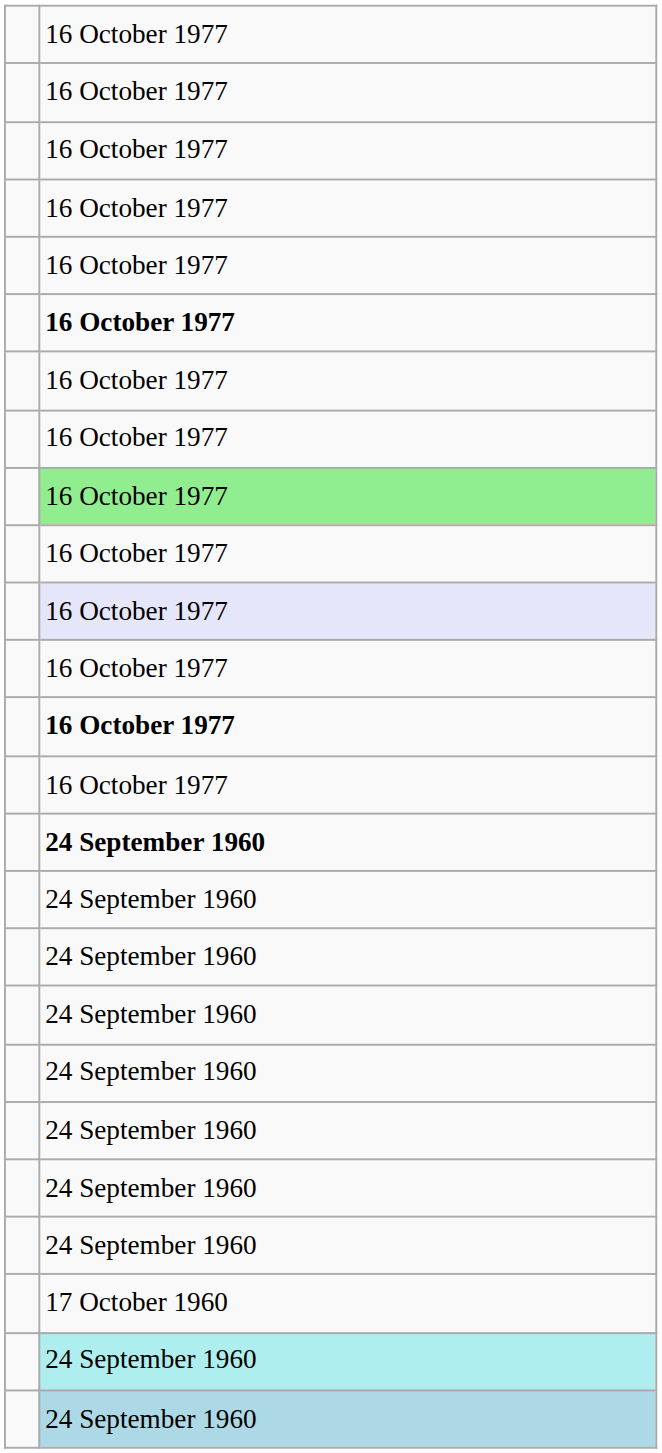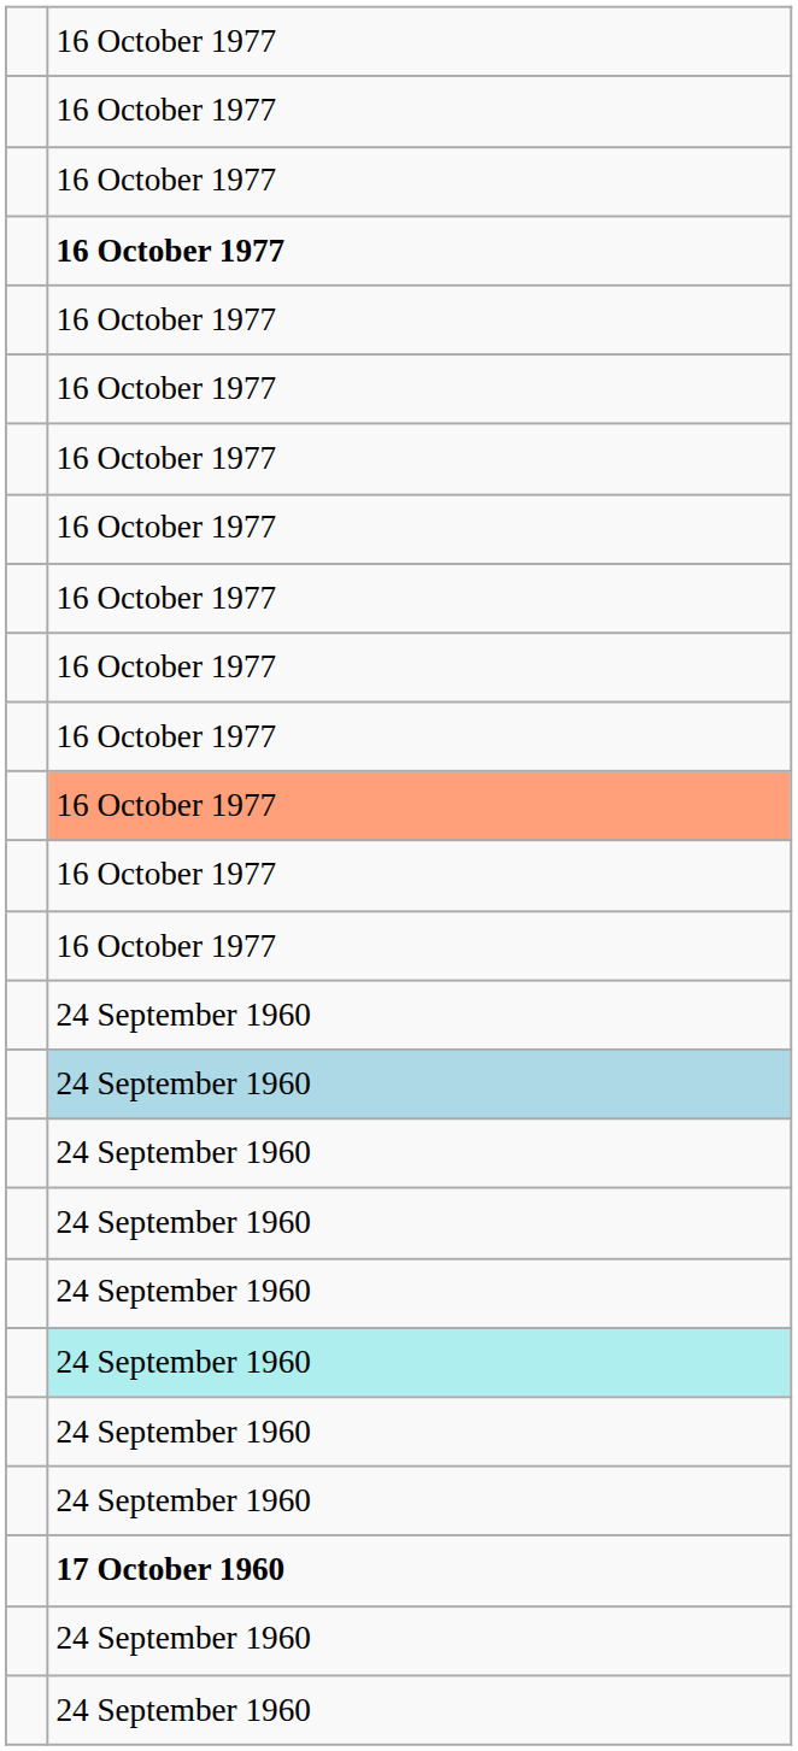 <table class="wikitable" style="font-size: 89%; float: left; width: 24em; margin-right: 1em; line-height: 1.65em">
-<tr>
-<td></td>
-<td>16 October 1977</td>
-</tr>
-<tr>
-<td></td>
-<td>16 October 1977</td>
-</tr>
 <tr>
 <td></td>
 <td>16 October 1977</td>
 </tr>
 <tr>
 <td></td>
 <td>16 October 1977</td>
 </tr>
 <tr>
 <td></td>
 <td>16 October 1977</td>
 </tr>
 <tr>
 <td></td>
 <td><strong>16 October 1977</strong></td>
 </tr>
 <tr>
 <td></td>
 <td>16 October 1977</td>
 </tr>
 <tr>
 <td></td>
 <td>16 October 1977</td>
 </tr>
 <tr>
 <td></td>
-<td style="background: lightgreen;">16 October 1977</td>
+<td>16 October 1977</td>
 </tr>
 <tr>
 <td></td>
 <td>16 October 1977</td>
 </tr>
 <tr>
 <td></td>
-<td style="background: lavender;">16 October 1977</td>
+<td>16 October 1977</td>
 </tr>
 <tr>
 <td></td>
 <td>16 October 1977</td>
 </tr>
 <tr>
 <td></td>
-<td><strong>16 October 1977</strong></td>
+<td>16 October 1977</td>
+</tr>
+<tr>
+<td></td>
+<td style="background: lightsalmon;">16 October 1977</td>
 </tr>
 <tr>
 <td></td>
 <td>16 October 1977</td>
 </tr>
 <tr>
 <td></td>
-<td><strong>24 September 1960</strong></td>
+<td>16 October 1977</td>
+</tr>
+<tr>
+<td></td>
+<td>24 September 1960</td>
+</tr>
+<tr>
+<td></td>
+<td style="background: lightblue;">24 September 1960</td>
 </tr>
 <tr>
 <td></td>
 <td>24 September 1960</td>
 </tr>
 <tr>
 <td></td>
 <td>24 September 1960</td>
 </tr>
 <tr>
 <td></td>
 <td>24 September 1960</td>
 </tr>
 <tr>
 <td></td>
-<td>24 September 1960</td>
+<td style="background: paleturquoise;">24 September 1960</td>
 </tr>
 <tr>
 <td></td>
 <td>24 September 1960</td>
 </tr>
 <tr>
 <td></td>
 <td>24 September 1960</td>
 </tr>
 <tr>
 <td></td>
+<td><strong>17 October 1960</strong></td>
+</tr>
+<tr>
+<td></td>
 <td>24 September 1960</td>
 </tr>
 <tr>
 <td></td>
-<td>17 October 1960</td>
-</tr>
-<tr>
-<td></td>
-<td style="background: paleturquoise;">24 September 1960</td>
-</tr>
-<tr>
-<td></td>
-<td style="background: lightblue;">24 September 1960</td>
+<td>24 September 1960</td>
 </tr>
 </table>
